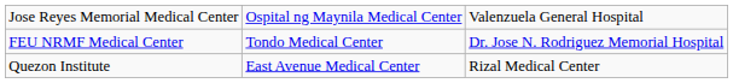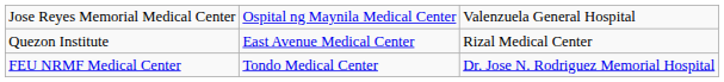 <table class="wikitable" style="align-text: center">
 <tr>
 <td>Jose Reyes Memorial Medical Center</td>
 <td><a href='#'>Ospital ng Maynila Medical Center</a></td>
 <td>Valenzuela General Hospital</td>
 </tr>
 <tr>
+<td>Quezon Institute</td>
+<td><a href='#'>East Avenue Medical Center</a></td>
+<td>Rizal Medical Center</td>
+</tr>
+<tr>
 <td><a href='#'>FEU NRMF Medical Center</a></td>
 <td><a href='#'>Tondo Medical Center</a></td>
 <td><a href='#'>Dr. Jose N. Rodriguez Memorial Hospital</a></td>
 </tr>
-<tr>
-<td>Quezon Institute</td>
-<td><a href='#'>East Avenue Medical Center</a></td>
-<td>Rizal Medical Center</td>
-</tr>
 </table>
